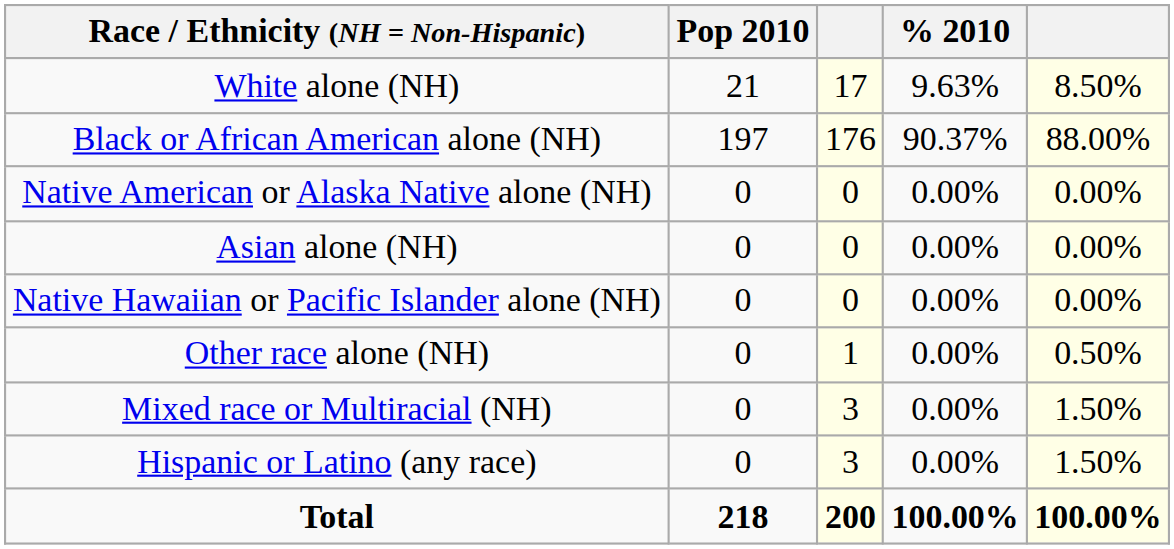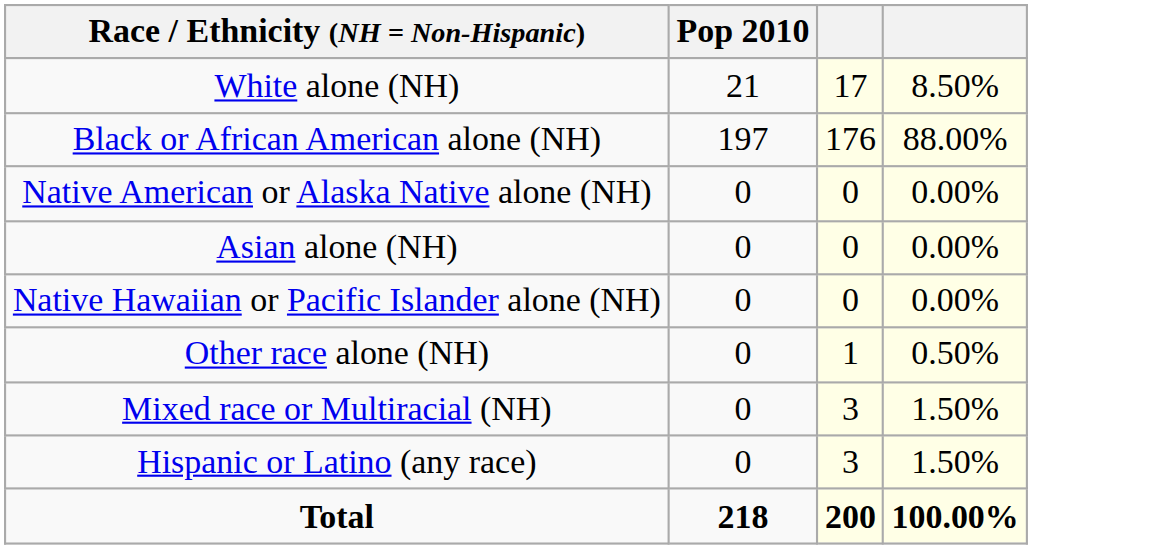 <table class="wikitable" style="text-align:center;">
 <tr>
 <th>Race / Ethnicity <small>(<em>NH = Non-Hispanic</em>)</small></th>
 <th>Pop 2010</th>
 <th></th>
-<th>% 2010</th>
 <th></th>
 </tr>
 <tr>
 <td><a href='#'>White</a> alone (NH)</td>
 <td>21</td>
 <td style='background: #ffffe6;'>17</td>
-<td>9.63%</td>
 <td style='background: #ffffe6;'>8.50%</td>
 </tr>
 <tr>
 <td><a href='#'>Black or African American</a> alone (NH)</td>
 <td>197</td>
 <td style='background: #ffffe6;'>176</td>
-<td>90.37%</td>
 <td style='background: #ffffe6;'>88.00%</td>
 </tr>
 <tr>
 <td><a href='#'>Native American</a> or <a href='#'>Alaska Native</a> alone (NH)</td>
 <td>0</td>
 <td style='background: #ffffe6;'>0</td>
-<td>0.00%</td>
 <td style='background: #ffffe6;'>0.00%</td>
 </tr>
 <tr>
 <td><a href='#'>Asian</a> alone (NH)</td>
 <td>0</td>
 <td style='background: #ffffe6;'>0</td>
-<td>0.00%</td>
 <td style='background: #ffffe6;'>0.00%</td>
 </tr>
 <tr>
 <td><a href='#'>Native Hawaiian</a> or <a href='#'>Pacific Islander</a> alone (NH)</td>
 <td>0</td>
 <td style='background: #ffffe6;'>0</td>
-<td>0.00%</td>
 <td style='background: #ffffe6;'>0.00%</td>
 </tr>
 <tr>
 <td><a href='#'>Other race</a> alone (NH)</td>
 <td>0</td>
 <td style='background: #ffffe6;'>1</td>
-<td>0.00%</td>
 <td style='background: #ffffe6;'>0.50%</td>
 </tr>
 <tr>
 <td><a href='#'>Mixed race or Multiracial</a> (NH)</td>
 <td>0</td>
 <td style='background: #ffffe6;'>3</td>
-<td>0.00%</td>
 <td style='background: #ffffe6;'>1.50%</td>
 </tr>
 <tr>
 <td><a href='#'>Hispanic or Latino</a> (any race)</td>
 <td>0</td>
 <td style='background: #ffffe6;'>3</td>
-<td>0.00%</td>
 <td style='background: #ffffe6;'>1.50%</td>
 </tr>
 <tr>
 <td><strong>Total</strong></td>
 <td><strong>218</strong></td>
 <td style='background: #ffffe6;'><strong>200</strong></td>
-<td><strong>100.00%</strong></td>
 <td style='background: #ffffe6;'><strong>100.00%</strong></td>
 </tr>
 </table>
